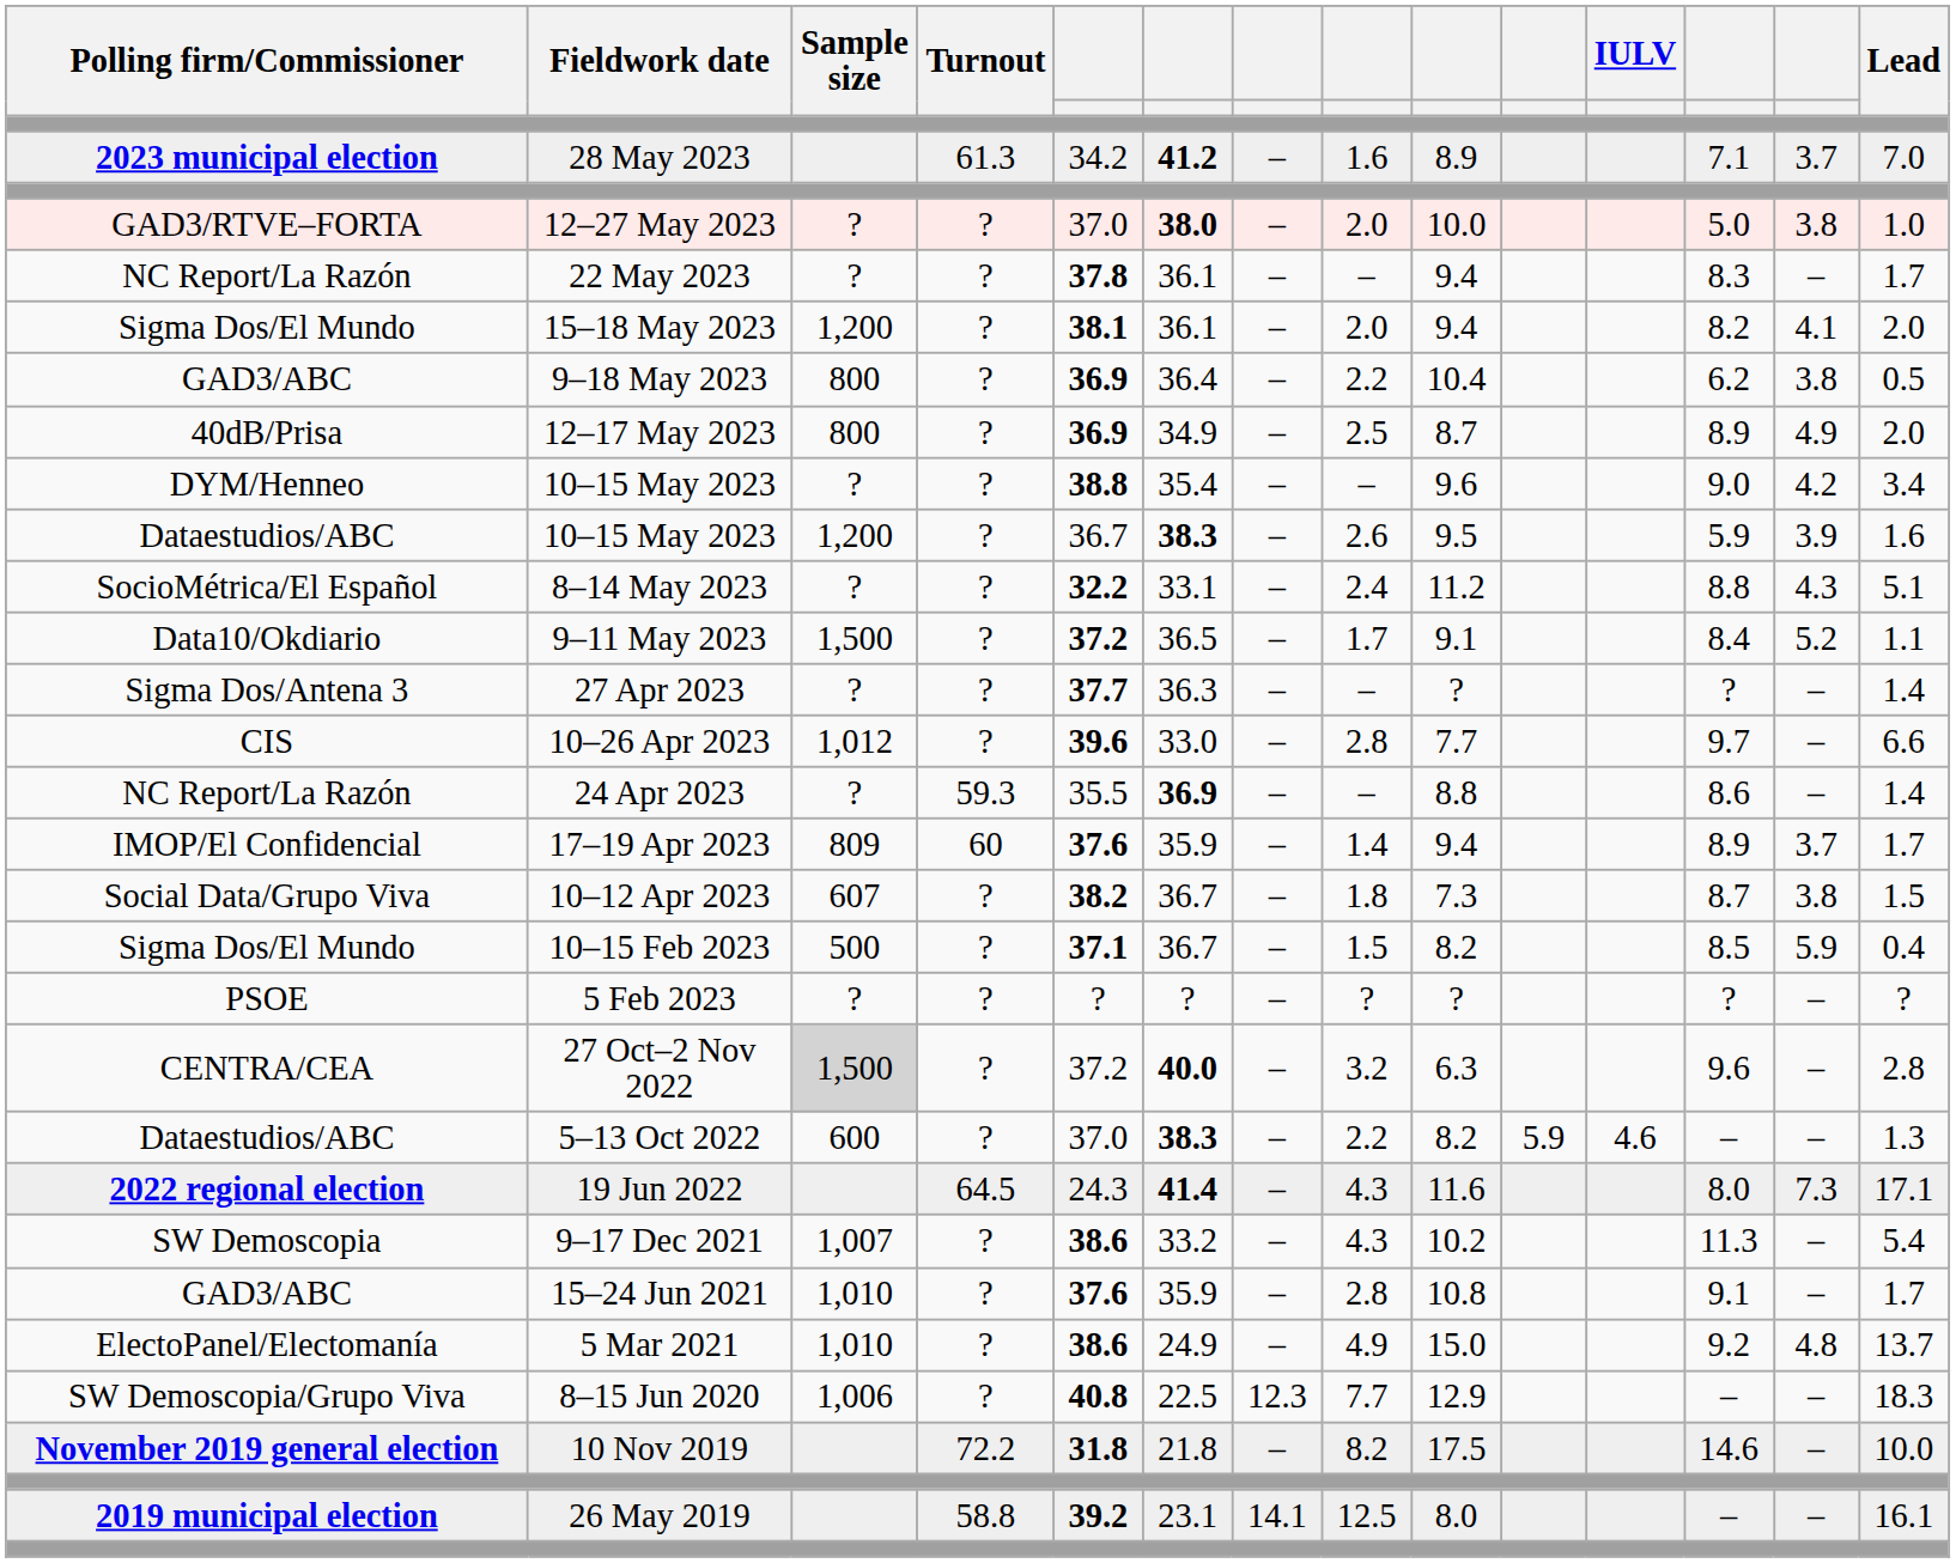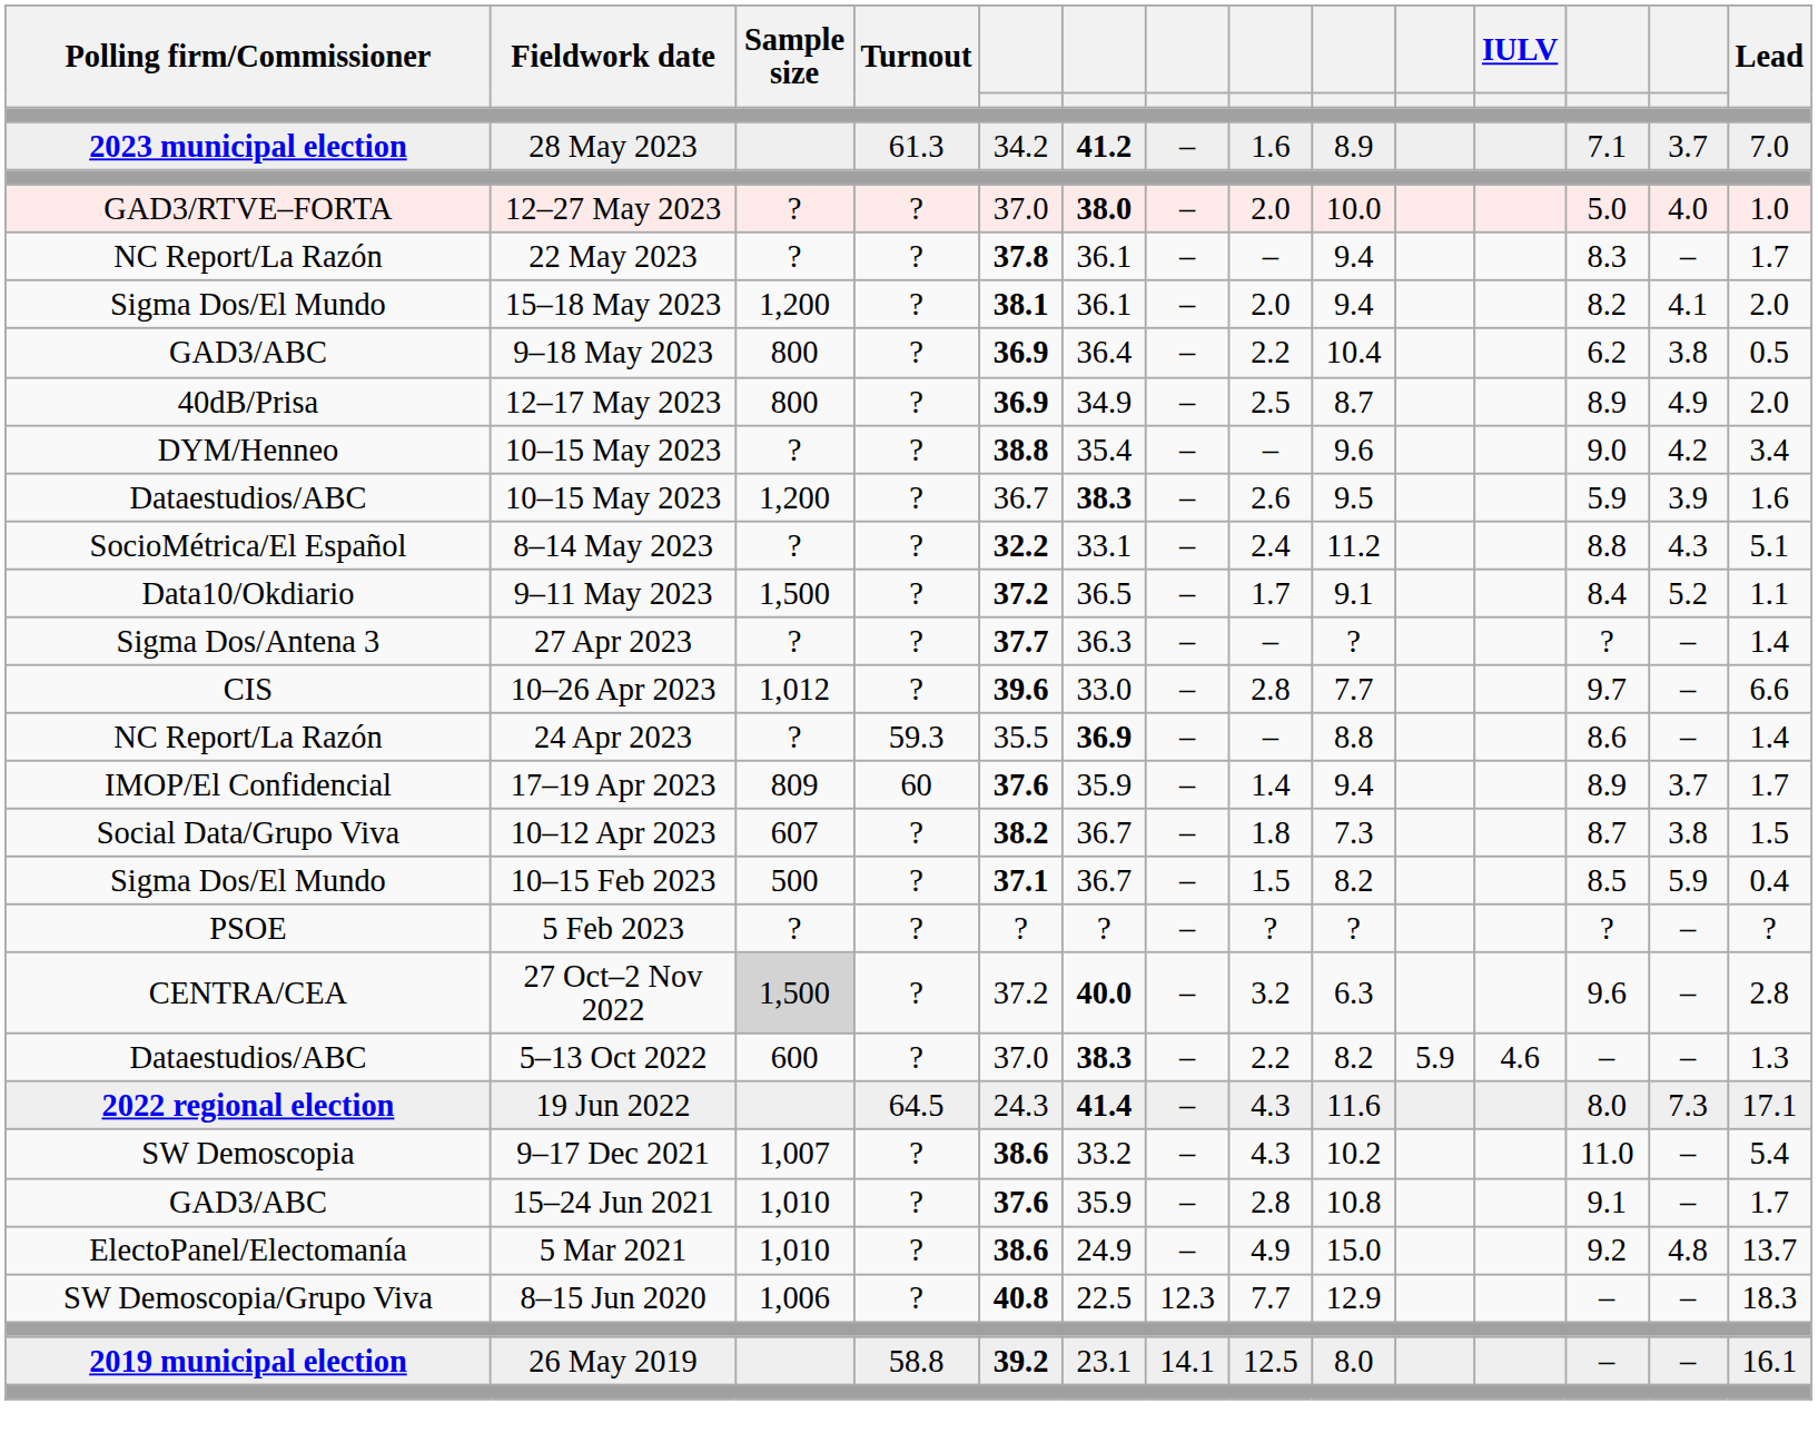 <table class="wikitable collapsible collapsed" style="text-align:center; font-size:95%; line-height:16px;">
 <tr style="height:42px;">
 <th style="width:250px;" rowspan="2">Polling firm/Commissioner</th>
 <th style="width:125px;" rowspan="2">Fieldwork date</th>
 <th style="width:50px;" rowspan="2">Sample size</th>
 <th style="width:45px;" rowspan="2">Turnout</th>
 <th style="width:35px;"></th>
 <th style="width:35px;"></th>
 <th style="width:35px;"></th>
 <th style="width:35px;"></th>
 <th style="width:35px;"></th>
 <th style="width:35px;"></th>
 <th style="width:35px;"><a href='#'>IULV</a></th>
 <th style="width:35px;"></th>
 <th style="width:35px;"></th>
 <th style="width:30px;" rowspan="2">Lead</th>
 </tr>
 <tr>
 <th style="color:inherit;background:"></th>
 <th style="color:inherit;background:"></th>
 <th style="color:inherit;background:"></th>
 <th style="color:inherit;background:"></th>
 <th style="color:inherit;background:"></th>
 <th style="color:inherit;background:"></th>
 <th style="color:inherit;background:"></th>
 <th style="color:inherit;background:"></th>
 <th style="color:inherit;background:"></th>
 </tr>
 <tr>
 <td colspan="14" style="background:#A0A0A0"></td>
 </tr>
 <tr style="background:#EFEFEF;">
 <td><strong><a href='#'>2023 municipal election</a></strong></td>
 <td>28 May 2023</td>
 <td></td>
 <td>61.3</td>
 <td>34.2<br></td>
 <td><strong>41.2</strong><br></td>
 <td>–</td>
 <td>1.6<br></td>
 <td>8.9<br></td>
 <td></td>
 <td></td>
 <td>7.1<br></td>
 <td>3.7<br></td>
 <td style="background:">7.0</td>
 </tr>
 <tr>
 <td colspan="14" style="background:#A0A0A0"></td>
 </tr>
 <tr style="background:#FFEAEA;">
 <td>GAD3/RTVE–FORTA</td>
 <td>12–27 May 2023</td>
 <td>?</td>
 <td>?</td>
 <td>37.0<br></td>
 <td><strong>38.0</strong><br></td>
 <td>–</td>
 <td>2.0<br></td>
 <td>10.0<br></td>
 <td></td>
 <td></td>
 <td>5.0<br></td>
-<td>3.8<br></td>
+<td>4.0<br></td>
 <td style="background:">1.0</td>
 </tr>
 <tr>
 <td>NC Report/La Razón</td>
 <td>22 May 2023</td>
 <td>?</td>
 <td>?</td>
 <td><strong>37.8</strong><br></td>
 <td>36.1<br></td>
 <td>–</td>
 <td>–</td>
 <td>9.4<br></td>
 <td></td>
 <td></td>
 <td>8.3<br></td>
 <td>–</td>
 <td style="background:">1.7</td>
 </tr>
 <tr>
 <td>Sigma Dos/El Mundo</td>
 <td>15–18 May 2023</td>
 <td>1,200</td>
 <td>?</td>
 <td><strong>38.1</strong><br></td>
 <td>36.1<br></td>
 <td>–</td>
 <td>2.0<br></td>
 <td>9.4<br></td>
 <td></td>
 <td></td>
 <td>8.2<br></td>
 <td>4.1<br></td>
 <td style="background:">2.0</td>
 </tr>
 <tr>
 <td>GAD3/ABC</td>
 <td>9–18 May 2023</td>
 <td>800</td>
 <td>?</td>
 <td><strong>36.9</strong><br></td>
 <td>36.4<br></td>
 <td>–</td>
 <td>2.2<br></td>
 <td>10.4<br></td>
 <td></td>
 <td></td>
 <td>6.2<br></td>
 <td>3.8<br></td>
 <td style="background:">0.5</td>
 </tr>
 <tr>
 <td>40dB/Prisa</td>
 <td>12–17 May 2023</td>
 <td>800</td>
 <td>?</td>
 <td><strong>36.9</strong><br></td>
 <td>34.9<br></td>
 <td>–</td>
 <td>2.5<br></td>
 <td>8.7<br></td>
 <td></td>
 <td></td>
 <td>8.9<br></td>
 <td>4.9<br></td>
 <td style="background:">2.0</td>
 </tr>
 <tr>
 <td>DYM/Henneo</td>
 <td>10–15 May 2023</td>
 <td>?</td>
 <td>?</td>
 <td><strong>38.8</strong><br></td>
 <td>35.4<br></td>
 <td>–</td>
 <td>–</td>
 <td>9.6<br></td>
 <td></td>
 <td></td>
 <td>9.0<br></td>
 <td>4.2<br></td>
 <td style="background:">3.4</td>
 </tr>
 <tr>
 <td>Dataestudios/ABC</td>
 <td>10–15 May 2023</td>
 <td>1,200</td>
 <td>?</td>
 <td>36.7<br></td>
 <td><strong>38.3</strong><br></td>
 <td>–</td>
 <td>2.6<br></td>
 <td>9.5<br></td>
 <td></td>
 <td></td>
 <td>5.9<br></td>
 <td>3.9<br></td>
 <td style="background:">1.6</td>
 </tr>
 <tr>
 <td>SocioMétrica/El Español</td>
 <td>8–14 May 2023</td>
 <td>?</td>
 <td>?</td>
 <td><strong>32.2</strong><br></td>
 <td>33.1<br></td>
 <td>–</td>
 <td>2.4<br></td>
 <td>11.2<br></td>
 <td></td>
 <td></td>
 <td>8.8<br></td>
 <td>4.3<br></td>
 <td style="background:">5.1</td>
 </tr>
 <tr>
 <td>Data10/Okdiario</td>
 <td>9–11 May 2023</td>
 <td>1,500</td>
 <td>?</td>
 <td><strong>37.2</strong><br></td>
 <td>36.5<br></td>
 <td>–</td>
 <td>1.7<br></td>
 <td>9.1<br></td>
 <td></td>
 <td></td>
 <td>8.4<br></td>
 <td>5.2<br></td>
 <td style="background:">1.1</td>
 </tr>
 <tr>
 <td>Sigma Dos/Antena 3</td>
 <td>27 Apr 2023</td>
 <td>?</td>
 <td>?</td>
 <td><strong>37.7</strong><br></td>
 <td>36.3<br></td>
 <td>–</td>
 <td>–</td>
 <td>?<br></td>
 <td></td>
 <td></td>
 <td>?<br></td>
 <td>–</td>
 <td style="background:">1.4</td>
 </tr>
 <tr>
 <td>CIS</td>
 <td>10–26 Apr 2023</td>
 <td>1,012</td>
 <td>?</td>
 <td><strong>39.6</strong><br></td>
 <td>33.0<br></td>
 <td>–</td>
 <td>2.8<br></td>
 <td>7.7<br></td>
 <td></td>
 <td></td>
 <td>9.7<br></td>
 <td>–</td>
 <td style="background:">6.6</td>
 </tr>
 <tr>
 <td>NC Report/La Razón</td>
 <td>24 Apr 2023</td>
 <td>?</td>
 <td>59.3</td>
 <td>35.5<br></td>
 <td><strong>36.9</strong><br></td>
 <td>–</td>
 <td>–</td>
 <td>8.8<br></td>
 <td></td>
 <td></td>
 <td>8.6<br></td>
 <td>–</td>
 <td style="background:">1.4</td>
 </tr>
 <tr>
 <td>IMOP/El Confidencial</td>
 <td>17–19 Apr 2023</td>
 <td>809</td>
 <td>60</td>
 <td><strong>37.6</strong><br></td>
 <td>35.9<br></td>
 <td>–</td>
 <td>1.4<br></td>
 <td>9.4<br></td>
 <td></td>
 <td></td>
 <td>8.9<br></td>
 <td>3.7<br></td>
 <td style="background:">1.7</td>
 </tr>
 <tr>
 <td>Social Data/Grupo Viva</td>
 <td>10–12 Apr 2023</td>
 <td>607</td>
 <td>?</td>
 <td><strong>38.2</strong><br></td>
 <td>36.7<br></td>
 <td>–</td>
 <td>1.8<br></td>
 <td>7.3<br></td>
 <td></td>
 <td></td>
 <td>8.7<br></td>
 <td>3.8<br></td>
 <td style="background:">1.5</td>
 </tr>
 <tr>
 <td>Sigma Dos/El Mundo</td>
 <td>10–15 Feb 2023</td>
 <td>500</td>
 <td>?</td>
 <td><strong>37.1</strong><br></td>
 <td>36.7<br></td>
 <td>–</td>
 <td>1.5<br></td>
 <td>8.2<br></td>
 <td></td>
 <td></td>
 <td>8.5<br></td>
 <td>5.9<br></td>
 <td style="background:">0.4</td>
 </tr>
 <tr>
 <td>PSOE</td>
 <td>5 Feb 2023</td>
 <td>?</td>
 <td>?</td>
 <td>?<br></td>
 <td>?<br></td>
 <td>–</td>
 <td>?<br></td>
 <td>?<br></td>
 <td></td>
 <td></td>
 <td>?<br></td>
 <td>–</td>
 <td style="background:">?</td>
 </tr>
 <tr>
 <td>CENTRA/CEA</td>
 <td>27 Oct–2 Nov 2022</td>
 <td style="background: lightgrey;">1,500</td>
 <td>?</td>
 <td>37.2<br></td>
 <td><strong>40.0</strong><br></td>
 <td>–</td>
 <td>3.2<br></td>
 <td>6.3<br></td>
 <td></td>
 <td></td>
 <td>9.6<br></td>
 <td>–</td>
 <td style="background:">2.8</td>
 </tr>
 <tr>
 <td>Dataestudios/ABC</td>
 <td>5–13 Oct 2022</td>
 <td>600</td>
 <td>?</td>
 <td>37.0<br></td>
 <td><strong>38.3</strong><br></td>
 <td>–</td>
 <td>2.2<br></td>
 <td>8.2<br></td>
 <td>5.9<br></td>
 <td>4.6<br></td>
 <td>–</td>
 <td>–</td>
 <td style="background:">1.3</td>
 </tr>
 <tr style="background:#EFEFEF;">
 <td><strong><a href='#'>2022 regional election</a></strong></td>
 <td>19 Jun 2022</td>
 <td></td>
 <td>64.5</td>
 <td>24.3<br></td>
 <td><strong>41.4</strong><br></td>
 <td>–</td>
 <td>4.3<br></td>
 <td>11.6<br></td>
 <td></td>
 <td></td>
 <td>8.0<br></td>
 <td>7.3<br></td>
 <td style="background:">17.1</td>
 </tr>
 <tr>
 <td>SW Demoscopia</td>
 <td>9–17 Dec 2021</td>
 <td>1,007</td>
 <td>?</td>
 <td><strong>38.6</strong><br></td>
 <td>33.2<br></td>
 <td>–</td>
 <td>4.3<br></td>
 <td>10.2<br></td>
 <td></td>
 <td></td>
-<td>11.3<br></td>
+<td>11.0<br></td>
 <td>–</td>
 <td style="background:">5.4</td>
 </tr>
 <tr>
 <td>GAD3/ABC</td>
 <td>15–24 Jun 2021</td>
 <td>1,010</td>
 <td>?</td>
 <td><strong>37.6</strong><br></td>
 <td>35.9<br></td>
 <td>–</td>
 <td>2.8<br></td>
 <td>10.8<br></td>
 <td></td>
 <td></td>
 <td>9.1<br></td>
 <td>–</td>
 <td style="background:">1.7</td>
 </tr>
 <tr>
 <td>ElectoPanel/Electomanía</td>
 <td>5 Mar 2021</td>
 <td>1,010</td>
 <td>?</td>
 <td><strong>38.6</strong><br></td>
 <td>24.9<br></td>
 <td>–</td>
 <td>4.9<br></td>
 <td>15.0<br></td>
 <td></td>
 <td></td>
 <td>9.2<br></td>
 <td>4.8<br></td>
 <td style="background:">13.7</td>
 </tr>
 <tr>
 <td>SW Demoscopia/Grupo Viva</td>
 <td>8–15 Jun 2020</td>
 <td>1,006</td>
 <td>?</td>
 <td><strong>40.8</strong><br></td>
 <td>22.5<br></td>
 <td>12.3<br></td>
 <td>7.7<br></td>
 <td>12.9<br></td>
 <td></td>
 <td></td>
 <td>–</td>
 <td>–</td>
 <td style="background:">18.3</td>
 </tr>
-<tr style="background:#EFEFEF;">
-<td><strong><a href='#'>November 2019 general election</a></strong></td>
-<td>10 Nov 2019</td>
-<td></td>
-<td>72.2</td>
-<td><strong>31.8</strong><br></td>
-<td>21.8<br></td>
-<td>–</td>
-<td>8.2<br></td>
-<td>17.5<br></td>
-<td></td>
-<td></td>
-<td>14.6<br></td>
-<td>–</td>
-<td style="background:">10.0</td>
-</tr>
 <tr>
 <td colspan="14" style="background:#A0A0A0"></td>
 </tr>
 <tr style="background:#EFEFEF;">
 <td><strong><a href='#'>2019 municipal election</a></strong></td>
 <td>26 May 2019</td>
 <td></td>
 <td>58.8</td>
 <td><strong>39.2</strong><br></td>
 <td>23.1<br></td>
 <td>14.1<br></td>
 <td>12.5<br></td>
 <td>8.0<br></td>
 <td></td>
 <td></td>
 <td>–</td>
 <td>–</td>
 <td style="background:">16.1</td>
 </tr>
 <tr>
 <td colspan="14" style="background:#A0A0A0"></td>
 </tr>
 </table>
